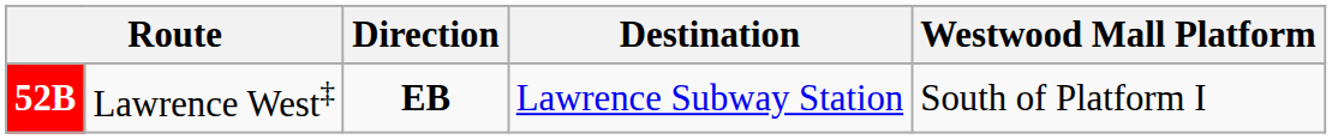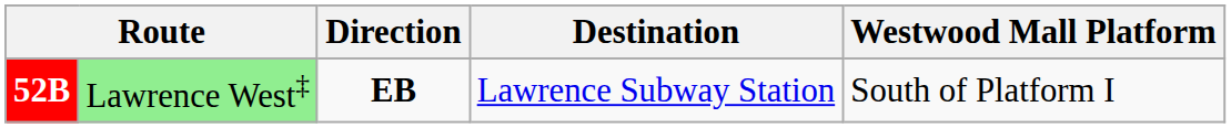 <table class="wikitable">
 <tr>
 <th colspan="2" style="font-weight: bold;">Route</th>
 <th style="font-weight: bold;">Direction</th>
 <th style="font-weight: bold;">Destination</th>
 <th style="font-weight: bold;">Westwood Mall Platform</th>
 </tr>
 <tr>
 <th style="background:red;color:white" align="center" valign="center">52B</th>
-<td>Lawrence West<sup>‡</sup></td>
+<td style="background: lightgreen;">Lawrence West<sup>‡</sup></td>
 <td style="text-align: center; font-weight: bold;">EB</td>
 <td><a href='#'>Lawrence Subway Station</a></td>
 <td>South of Platform I</td>
 </tr>
 </table>
